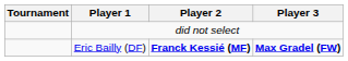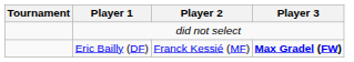 <table class="wikitable">
 <tr>
 <th>Tournament</th>
 <th>Player 1</th>
 <th>Player 2</th>
 <th>Player 3</th>
 </tr>
 <tr>
 <td></td>
 <td colspan="3" align="center"><em>did not select</em></td>
 </tr>
 <tr>
 <td></td>
 <td><a href='#'>Eric Bailly</a> (<a href='#'>DF</a>)</td>
-<td><strong><a href='#'>Franck Kessié</a> (<a href='#'>MF</a>)</strong></td>
+<td><a href='#'>Franck Kessié</a> (<a href='#'>MF</a>)</td>
 <td><strong><a href='#'>Max Gradel</a> (<a href='#'>FW</a>)</strong></td>
 </tr>
 </table>
